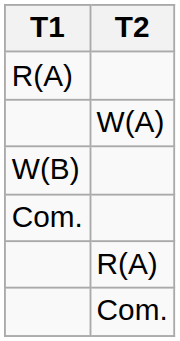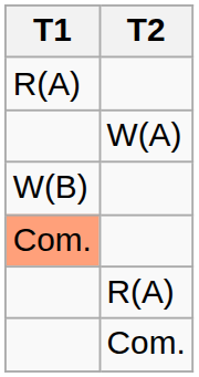 <table class="wikitable">
 <tr>
 <th>T1</th>
 <th>T2</th>
 </tr>
 <tr>
 <td>R(A)</td>
 <td></td>
 </tr>
 <tr>
 <td></td>
 <td>W(A)</td>
 </tr>
 <tr>
 <td>W(B)</td>
 <td></td>
 </tr>
 <tr>
-<td>Com.</td>
+<td style="background: lightsalmon;">Com.</td>
 <td></td>
 </tr>
 <tr>
 <td></td>
 <td>R(A)</td>
 </tr>
 <tr>
 <td></td>
 <td>Com.</td>
 </tr>
 </table>
